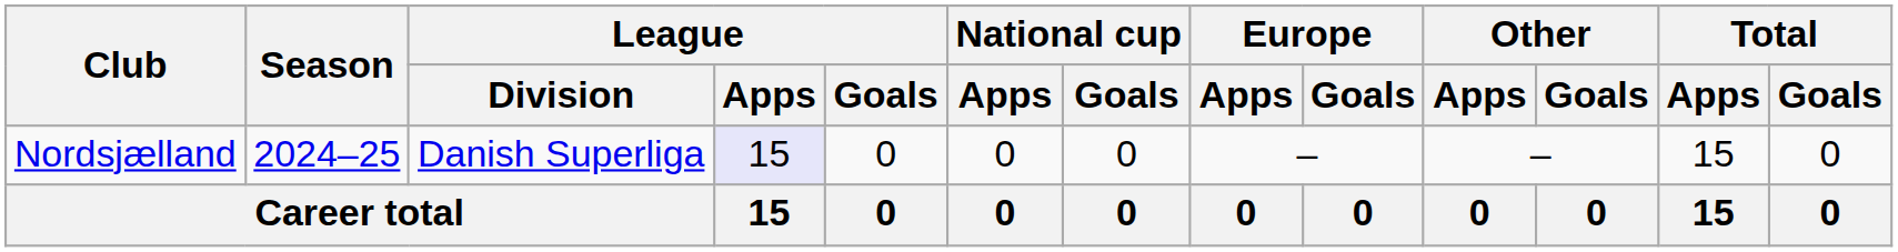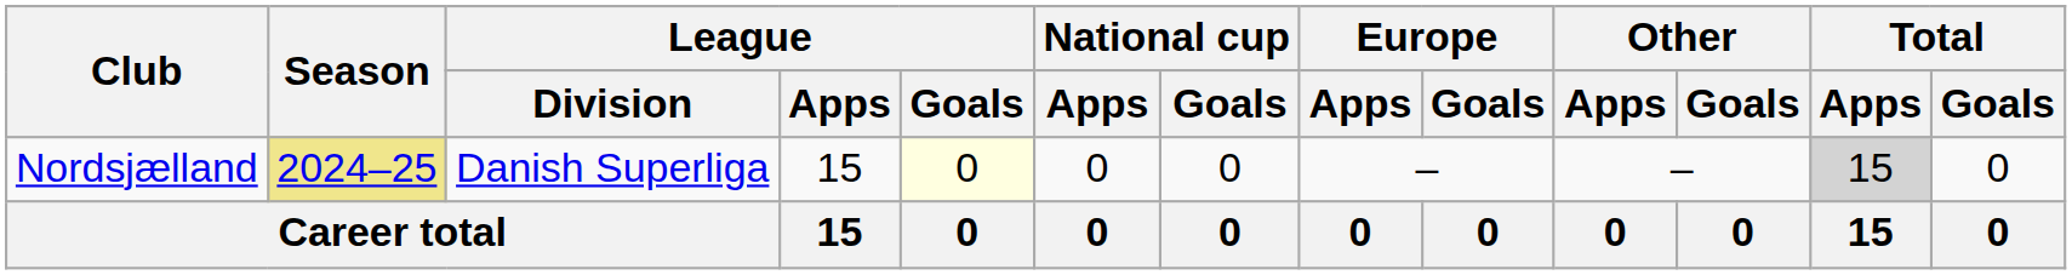 <table class="wikitable" style="text-align:center">
 <tr>
 <th rowspan="2">Club</th>
 <th rowspan="2">Season</th>
 <th colspan="3">League</th>
 <th colspan="2">National cup</th>
 <th colspan="2">Europe</th>
 <th colspan="2">Other</th>
 <th colspan="2">Total</th>
 </tr>
 <tr>
 <th>Division</th>
 <th>Apps</th>
 <th>Goals</th>
 <th>Apps</th>
 <th>Goals</th>
 <th>Apps</th>
 <th>Goals</th>
 <th>Apps</th>
 <th>Goals</th>
 <th>Apps</th>
 <th>Goals</th>
 </tr>
 <tr>
 <td rowspan="1"><a href='#'>Nordsjælland</a></td>
-<td><a href='#'>2024–25</a></td>
+<td style="background: khaki;"><a href='#'>2024–25</a></td>
 <td><a href='#'>Danish Superliga</a></td>
-<td style="background: lavender;">15</td>
-<td>0</td>
+<td>15</td>
+<td style="background: lightyellow;">0</td>
 <td>0</td>
 <td>0</td>
 <td colspan=2>–</td>
 <td colspan=2>–</td>
-<td>15</td>
+<td style="background: lightgrey;">15</td>
 <td>0</td>
 </tr>
 <tr>
 <th colspan="3">Career total</th>
 <th>15</th>
 <th>0</th>
 <th>0</th>
 <th>0</th>
 <th>0</th>
 <th>0</th>
 <th>0</th>
 <th>0</th>
 <th>15</th>
 <th>0</th>
 </tr>
 </table>
